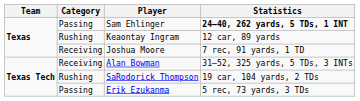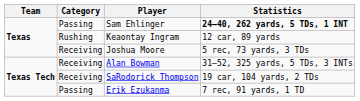 <table class="wikitable" style="float: right;">
 <tr>
 <th>Team</th>
 <th>Category</th>
 <th>Player</th>
 <th>Statistics</th>
 </tr>
 <tr>
 <td rowspan=3><strong>Texas</strong></td>
 <td>Passing</td>
 <td>Sam Ehlinger</td>
 <td><strong>24–40, 262 yards, 5 TDs, 1 INT</strong></td>
 </tr>
 <tr>
 <td>Rushing</td>
 <td>Keaontay Ingram</td>
 <td>12 car, 89 yards</td>
 </tr>
 <tr>
 <td>Receiving</td>
 <td>Joshua Moore</td>
-<td>7 rec, 91 yards, 1 TD</td>
+<td>5 rec, 73 yards, 3 TDs</td>
 </tr>
 <tr>
 <td rowspan=3><strong>Texas Tech</strong></td>
 <td>Receiving</td>
 <td><a href='#'>Alan Bowman</a></td>
 <td>31–52, 325 yards, 5 TDs, 3 INTs</td>
 </tr>
 <tr>
-<td>Rushing</td>
+<td>Receiving</td>
 <td><a href='#'>SaRodorick Thompson</a></td>
 <td>19 car, 104 yards, 2 TDs</td>
 </tr>
 <tr>
 <td>Passing</td>
 <td><a href='#'>Erik Ezukanma</a></td>
-<td>5 rec, 73 yards, 3 TDs</td>
+<td>7 rec, 91 yards, 1 TD</td>
 </tr>
 </table>
